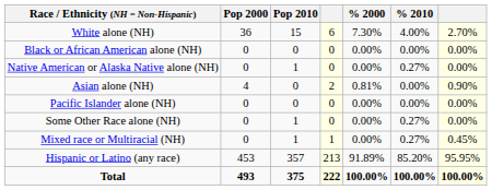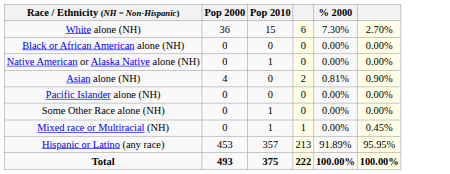 <table class="wikitable" style="text-align:center;">
 <tr>
 <th>Race / Ethnicity <small>(<em>NH = Non-Hispanic</em>)</small></th>
 <th>Pop 2000</th>
 <th>Pop 2010</th>
 <th></th>
 <th>% 2000</th>
-<th>% 2010</th>
 <th></th>
 </tr>
 <tr>
 <td><a href='#'>White</a> alone (NH)</td>
 <td>36</td>
 <td>15</td>
 <td style='background: #ffffe6;'>6</td>
 <td>7.30%</td>
-<td>4.00%</td>
 <td style='background: #ffffe6;'>2.70%</td>
 </tr>
 <tr>
 <td><a href='#'>Black or African American</a> alone (NH)</td>
 <td>0</td>
 <td>0</td>
 <td style='background: #ffffe6;'>0</td>
-<td>0.00%</td>
 <td>0.00%</td>
 <td style='background: #ffffe6;'>0.00%</td>
 </tr>
 <tr>
 <td><a href='#'>Native American</a> or <a href='#'>Alaska Native</a> alone (NH)</td>
 <td>0</td>
 <td>1</td>
 <td style='background: #ffffe6;'>0</td>
 <td>0.00%</td>
-<td>0.27%</td>
 <td style='background: #ffffe6;'>0.00%</td>
 </tr>
 <tr>
 <td><a href='#'>Asian</a> alone (NH)</td>
 <td>4</td>
 <td>0</td>
 <td style='background: #ffffe6;'>2</td>
 <td>0.81%</td>
-<td>0.00%</td>
 <td style='background: #ffffe6;'>0.90%</td>
 </tr>
 <tr>
 <td><a href='#'>Pacific Islander</a> alone (NH)</td>
 <td>0</td>
 <td>0</td>
 <td style='background: #ffffe6;'>0</td>
-<td>0.00%</td>
 <td>0.00%</td>
 <td style='background: #ffffe6;'>0.00%</td>
 </tr>
 <tr>
 <td>Some Other Race alone (NH)</td>
 <td>0</td>
 <td>1</td>
 <td style='background: #ffffe6;'>0</td>
 <td>0.00%</td>
-<td>0.27%</td>
 <td style='background: #ffffe6;'>0.00%</td>
 </tr>
 <tr>
 <td><a href='#'>Mixed race or Multiracial</a> (NH)</td>
 <td>0</td>
 <td>1</td>
 <td style='background: #ffffe6;'>1</td>
 <td>0.00%</td>
-<td>0.27%</td>
 <td style='background: #ffffe6;'>0.45%</td>
 </tr>
 <tr>
 <td><a href='#'>Hispanic or Latino</a> (any race)</td>
 <td>453</td>
 <td>357</td>
 <td style='background: #ffffe6;'>213</td>
 <td>91.89%</td>
-<td>85.20%</td>
 <td style='background: #ffffe6;'>95.95%</td>
 </tr>
 <tr>
 <td><strong>Total</strong></td>
 <td><strong>493</strong></td>
 <td><strong>375</strong></td>
 <td style='background: #ffffe6;'><strong>222</strong></td>
 <td><strong>100.00%</strong></td>
-<td><strong>100.00%</strong></td>
 <td style='background: #ffffe6;'><strong>100.00%</strong></td>
 </tr>
 </table>
